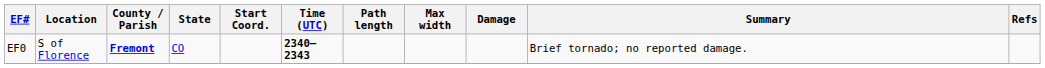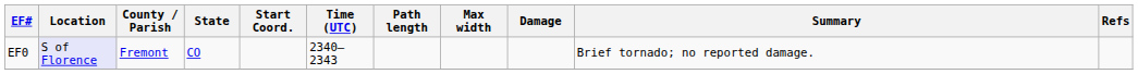 <table class="wikitable sortable" style="width:100%;">
 <tr>
 <th scope="col" width="3%" align="center"><a href='#'>EF#</a></th>
 <th scope="col" width="7%" align="center" class="unsortable">Location</th>
 <th scope="col" width="6%" align="center" class="unsortable">County / Parish</th>
 <th scope="col" width="5%" align="center">State</th>
 <th scope="col" width="6%" align="center">Start Coord.</th>
 <th scope="col" width="6%" align="center">Time (<a href='#'>UTC</a>)</th>
 <th scope="col" width="6%" align="center">Path length</th>
 <th scope="col" width="6%" align="center">Max width</th>
 <th scope="col" width="6%" align="center">Damage</th>
 <th scope="col" width="48%" class="unsortable" align="center">Summary</th>
 <th scope="col" width="48%" class="unsortable" align="center">Refs</th>
 </tr>
 <tr>
 <td>EF0</td>
-<td>S of <a href='#'>Florence</a></td>
-<td><strong><a href='#'>Fremont</a></strong></td>
+<td style="background: lavender;">S of <a href='#'>Florence</a></td>
+<td><a href='#'>Fremont</a></td>
 <td><a href='#'>CO</a></td>
 <td></td>
-<td><strong>2340–2343</strong></td>
+<td>2340–2343</td>
 <td></td>
 <td></td>
 <td></td>
 <td>Brief tornado; no reported damage.</td>
 <td></td>
 </tr>
 <tr>
 </tr>
 </table>
